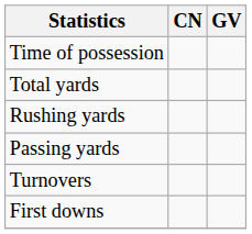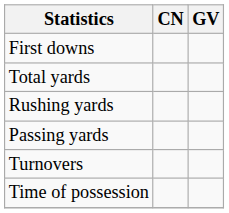 <table class="wikitable" style="float: left;">
 <tr>
 <th>Statistics</th>
 <th>CN</th>
 <th>GV</th>
 </tr>
 <tr>
-<td>Time of possession</td>
+<td>First downs</td>
 <td></td>
 <td></td>
 </tr>
 <tr>
 <td>Total yards</td>
 <td></td>
 <td></td>
 </tr>
 <tr>
 <td>Rushing yards</td>
 <td></td>
 <td></td>
 </tr>
 <tr>
 <td>Passing yards</td>
 <td></td>
 <td></td>
 </tr>
 <tr>
 <td>Turnovers</td>
 <td></td>
 <td></td>
 </tr>
 <tr>
-<td>First downs</td>
+<td>Time of possession</td>
 <td></td>
 <td></td>
 </tr>
 <tr>
 </tr>
 </table>
